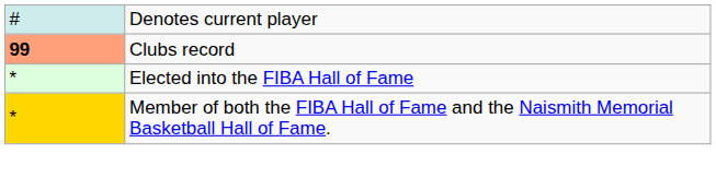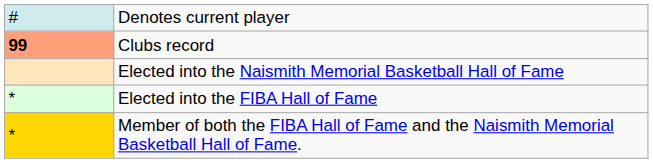 <table class="wikitable">
 <tr>
 <td style="background-color:#cfecec" width="80px">#</td>
 <td>Denotes current player</td>
 </tr>
 <tr>
 <td style="background: lightsalmon;"><strong>99</strong></td>
 <td>Clubs record</td>
 </tr>
 <tr>
+<td style="background-color:#FFE6BD; width:6em"></td>
+<td>Elected into the <a href='#'>Naismith Memorial Basketball Hall of Fame</a></td>
+</tr>
+<tr>
 <td style="background-color:#ddffdd; width:6em">*</td>
 <td>Elected into the <a href='#'>FIBA Hall of Fame</a></td>
 </tr>
 <tr>
 <td style="background-color:#FFD700; border:1px solid #aaaaaa; width:6em"> *</td>
 <td>Member of both the <a href='#'>FIBA Hall of Fame</a> and the <a href='#'>Naismith Memorial Basketball Hall of Fame</a>.</td>
 </tr>
 </table>
